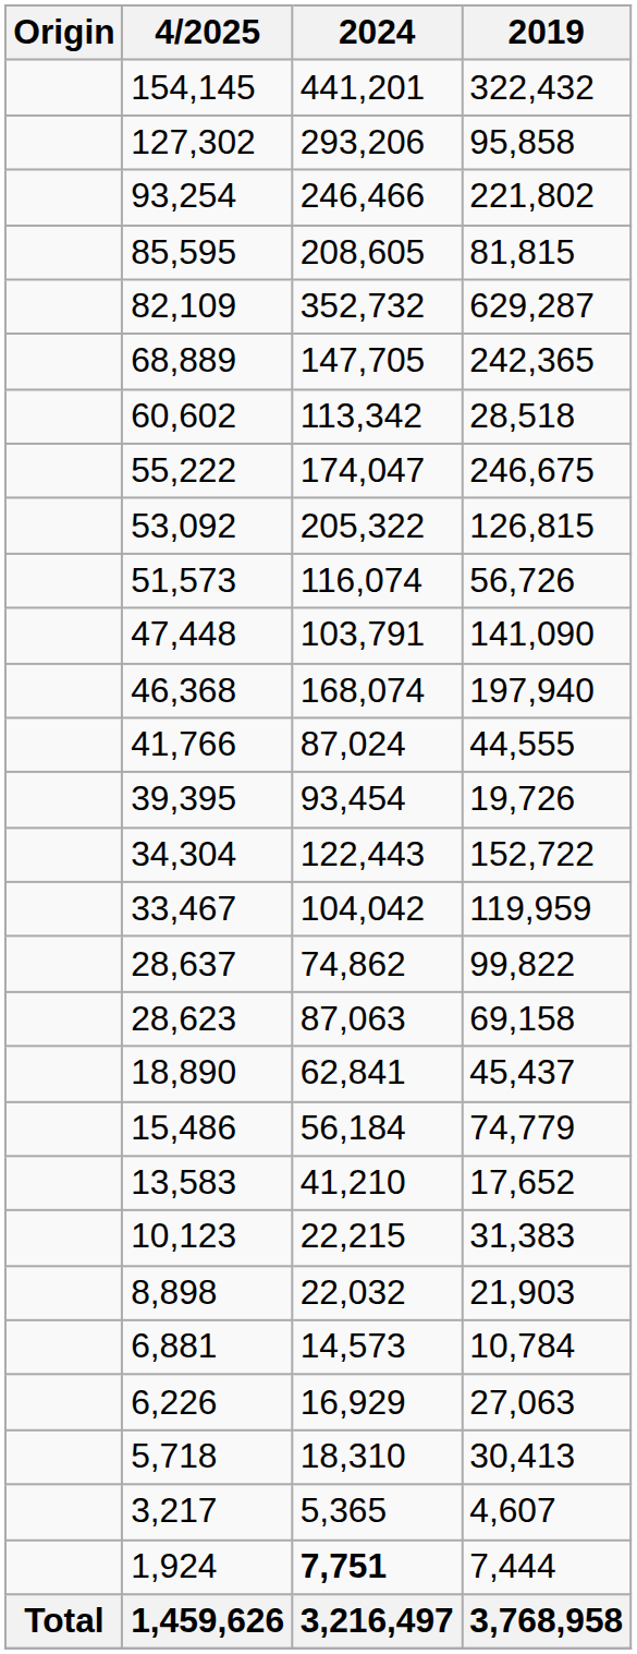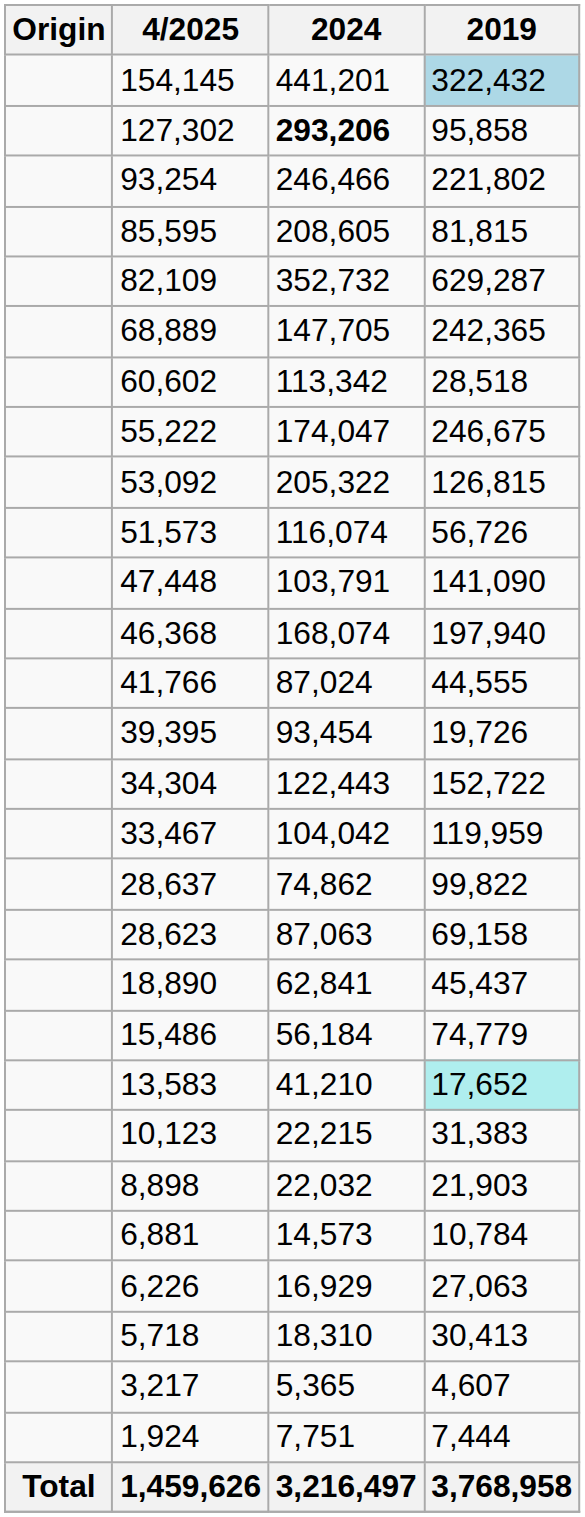 <table class="wikitable sortable">
 <tr>
 <th>Origin</th>
 <th>4/2025</th>
 <th>2024</th>
 <th>2019</th>
 </tr>
 <tr>
 <td></td>
 <td>154,145</td>
 <td>441,201</td>
-<td>322,432</td>
+<td style="background: lightblue;">322,432</td>
 </tr>
 <tr>
 <td></td>
 <td>127,302</td>
-<td>293,206</td>
+<td><strong>293,206</strong></td>
 <td>95,858</td>
 </tr>
 <tr>
 <td></td>
 <td>93,254</td>
 <td>246,466</td>
 <td>221,802</td>
 </tr>
 <tr>
 <td></td>
 <td>85,595</td>
 <td>208,605</td>
 <td>81,815</td>
 </tr>
 <tr>
 <td></td>
 <td>82,109</td>
 <td>352,732</td>
 <td>629,287</td>
 </tr>
 <tr>
 <td></td>
 <td>68,889</td>
 <td>147,705</td>
 <td>242,365</td>
 </tr>
 <tr>
 <td></td>
 <td>60,602</td>
 <td>113,342</td>
 <td>28,518</td>
 </tr>
 <tr>
 <td></td>
 <td>55,222</td>
 <td>174,047</td>
 <td>246,675</td>
 </tr>
 <tr>
 <td></td>
 <td>53,092</td>
 <td>205,322</td>
 <td>126,815</td>
 </tr>
 <tr>
 <td></td>
 <td>51,573</td>
 <td>116,074</td>
 <td>56,726</td>
 </tr>
 <tr>
 <td></td>
 <td>47,448</td>
 <td>103,791</td>
 <td>141,090</td>
 </tr>
 <tr>
 <td></td>
 <td>46,368</td>
 <td>168,074</td>
 <td>197,940</td>
 </tr>
 <tr>
 <td></td>
 <td>41,766</td>
 <td>87,024</td>
 <td>44,555</td>
 </tr>
 <tr>
 <td></td>
 <td>39,395</td>
 <td>93,454</td>
 <td>19,726</td>
 </tr>
 <tr>
 <td></td>
 <td>34,304</td>
 <td>122,443</td>
 <td>152,722</td>
 </tr>
 <tr>
 <td></td>
 <td>33,467</td>
 <td>104,042</td>
 <td>119,959</td>
 </tr>
 <tr>
 <td></td>
 <td>28,637</td>
 <td>74,862</td>
 <td>99,822</td>
 </tr>
 <tr>
 <td></td>
 <td>28,623</td>
 <td>87,063</td>
 <td>69,158</td>
 </tr>
 <tr>
 <td></td>
 <td>18,890</td>
 <td>62,841</td>
 <td>45,437</td>
 </tr>
 <tr>
 <td></td>
 <td>15,486</td>
 <td>56,184</td>
 <td>74,779</td>
 </tr>
 <tr>
 <td></td>
 <td>13,583</td>
 <td>41,210</td>
-<td>17,652</td>
+<td style="background: paleturquoise;">17,652</td>
 </tr>
 <tr>
 <td></td>
 <td>10,123</td>
 <td>22,215</td>
 <td>31,383</td>
 </tr>
 <tr>
 <td></td>
 <td>8,898</td>
 <td>22,032</td>
 <td>21,903</td>
 </tr>
 <tr>
 <td></td>
 <td>6,881</td>
 <td>14,573</td>
 <td>10,784</td>
 </tr>
 <tr>
 <td></td>
 <td>6,226</td>
 <td>16,929</td>
 <td>27,063</td>
 </tr>
 <tr>
 <td></td>
 <td>5,718</td>
 <td>18,310</td>
 <td>30,413</td>
 </tr>
 <tr>
 <td></td>
 <td>3,217</td>
 <td>5,365</td>
 <td>4,607</td>
 </tr>
 <tr>
 <td></td>
 <td>1,924</td>
-<td><strong>7,751</strong></td>
+<td>7,751</td>
 <td>7,444</td>
 </tr>
 <tr>
 <th>Total</th>
 <th>1,459,626</th>
 <th>3,216,497</th>
 <th>3,768,958</th>
 </tr>
 <tr>
 </tr>
 </table>
